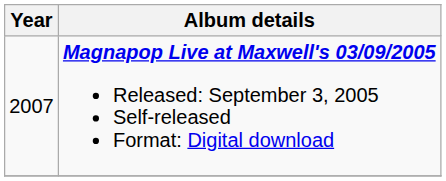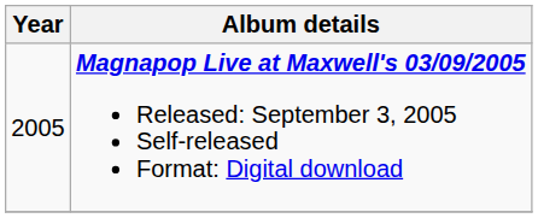 <table class="wikitable">
 <tr>
 <th>Year</th>
 <th>Album details</th>
 </tr>
 <tr>
-<td>2007</td>
+<td>2005</td>
 <td><strong><em><a href='#'>Magnapop Live at Maxwell's 03/09/2005</a></em></strong><br><ul><li>Released: September 3, 2005</li><li>Self-released</li><li>Format: <a href='#'>Digital download</a></li></ul></td>
 </tr>
 <tr>
 </tr>
 </table>
